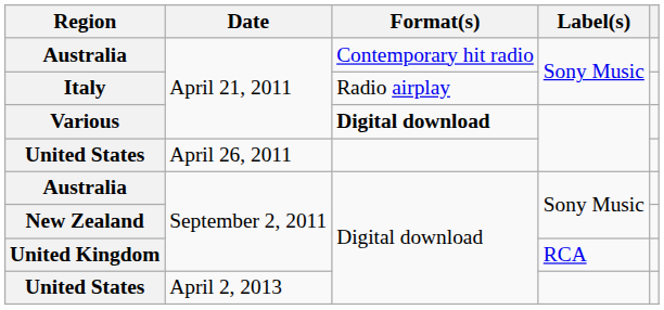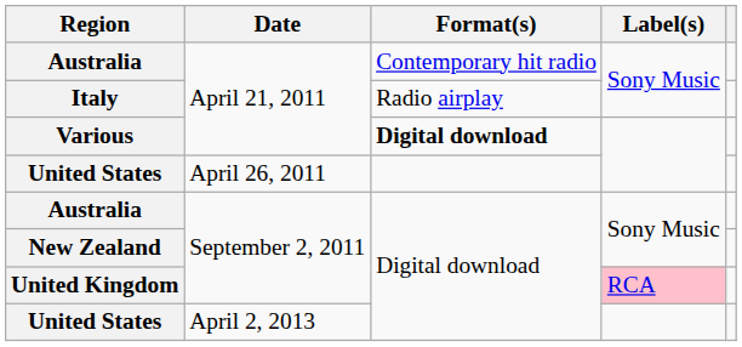 <table class="wikitable sortable plainrowheaders">
 <tr>
 <th scope="col">Region</th>
 <th scope="col">Date</th>
 <th scope="col">Format(s)</th>
 <th scope="col">Label(s)</th>
 <th scope="col"></th>
 </tr>
 <tr>
 <th scope="row">Australia</th>
 <td rowspan="3">April 21, 2011</td>
 <td><a href='#'>Contemporary hit radio</a></td>
 <td rowspan="2"><a href='#'>Sony Music</a></td>
 <td align="center"></td>
 </tr>
 <tr>
 <th scope="row">Italy</th>
 <td>Radio <a href='#'>airplay</a></td>
 <td align="center"></td>
 </tr>
 <tr>
 <th scope="row">Various</th>
 <td><strong>Digital download</strong></td>
 <td rowspan="2"></td>
 <td align="center"></td>
 </tr>
 <tr>
 <th scope="row">United States</th>
 <td>April 26, 2011</td>
 <td></td>
 <td align="center"></td>
 </tr>
 <tr>
 <th scope="row">Australia</th>
 <td rowspan="3">September 2, 2011</td>
 <td rowspan="4">Digital download </td>
 <td rowspan="2">Sony Music</td>
 <td align="center"></td>
 </tr>
 <tr>
 <th scope="row">New Zealand</th>
 <td align="center"></td>
 </tr>
 <tr>
 <th scope="row">United Kingdom</th>
-<td><a href='#'>RCA</a></td>
+<td style="background: pink;"><a href='#'>RCA</a></td>
 <td align="center"></td>
 </tr>
 <tr>
 <th scope="row">United States</th>
 <td>April 2, 2013</td>
 <td></td>
 <td align="center"></td>
 </tr>
 </table>
